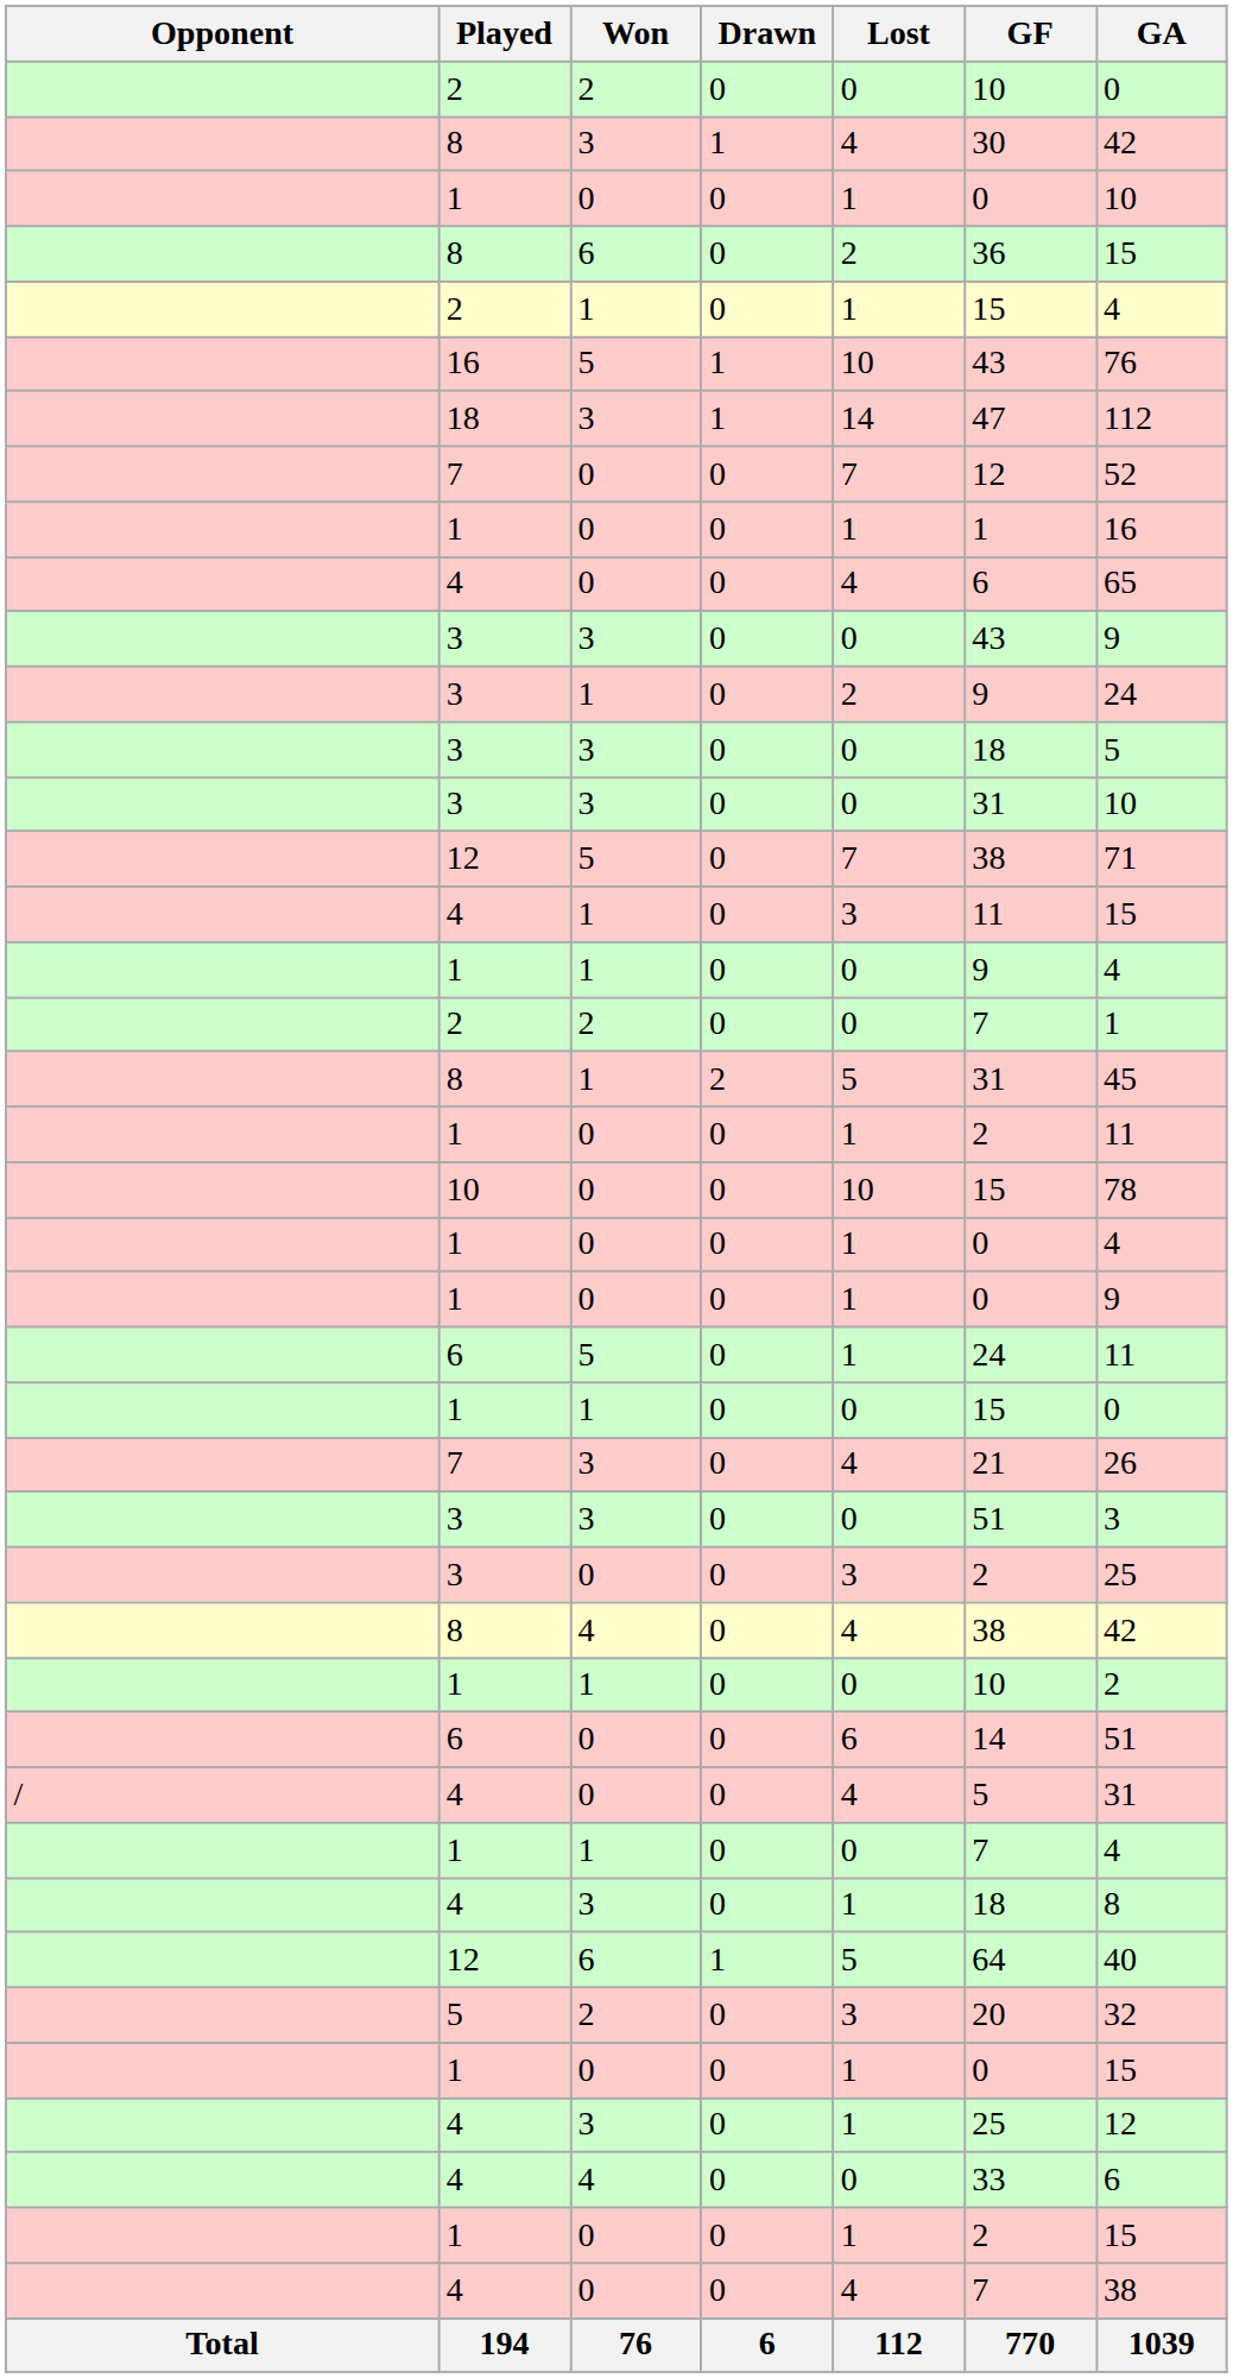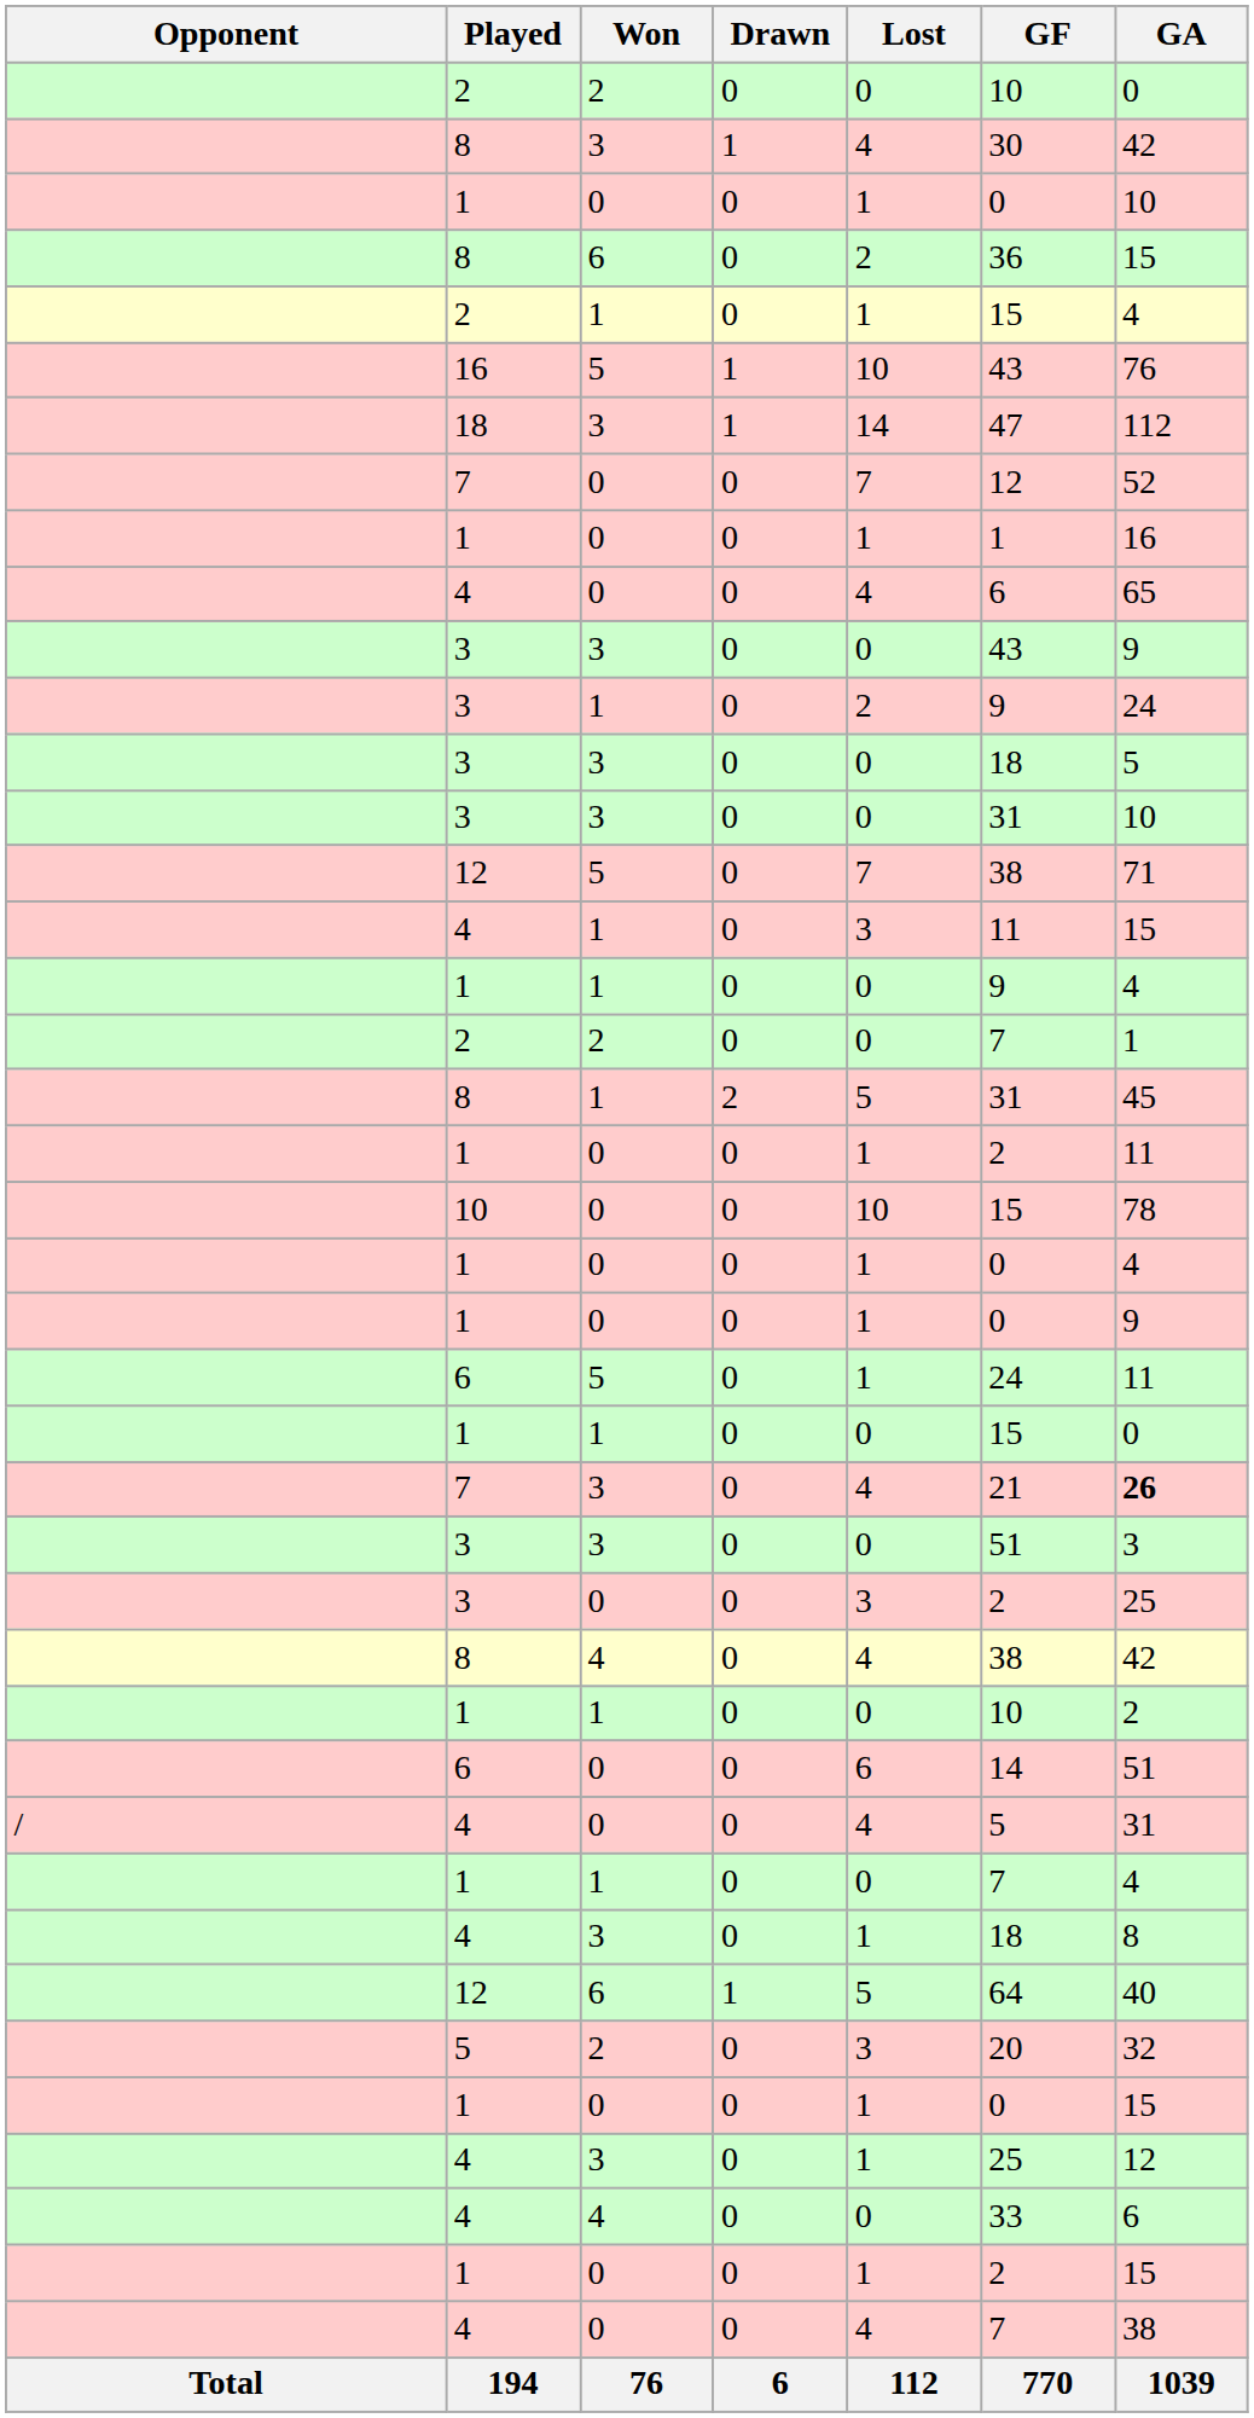 <table class="wikitable sortable" style="font-size:90%">
 <tr>
 <th style="width:180px;">Opponent</th>
 <th style="width:50px;">Played</th>
 <th style="width:50px;">Won</th>
 <th style="width:50px;">Drawn</th>
 <th style="width:50px;">Lost</th>
 <th style="width:50px;">GF</th>
 <th style="width:50px;">GA</th>
 </tr>
 <tr bgcolor=#CCFFCC>
 <td></td>
 <td>2</td>
 <td>2</td>
 <td>0</td>
 <td>0</td>
 <td>10</td>
 <td>0</td>
 </tr>
 <tr bgcolor=#FFCCCC>
 <td></td>
 <td>8</td>
 <td>3</td>
 <td>1</td>
 <td>4</td>
 <td>30</td>
 <td>42</td>
 </tr>
 <tr bgcolor=#FFCCCC>
 <td></td>
 <td>1</td>
 <td>0</td>
 <td>0</td>
 <td>1</td>
 <td>0</td>
 <td>10</td>
 </tr>
 <tr bgcolor=#CCFFCC>
 <td></td>
 <td>8</td>
 <td>6</td>
 <td>0</td>
 <td>2</td>
 <td>36</td>
 <td>15</td>
 </tr>
 <tr bgcolor=#FFFFCC>
 <td></td>
 <td>2</td>
 <td>1</td>
 <td>0</td>
 <td>1</td>
 <td>15</td>
 <td>4</td>
 </tr>
 <tr bgcolor=#FFCCCC>
 <td></td>
 <td>16</td>
 <td>5</td>
 <td>1</td>
 <td>10</td>
 <td>43</td>
 <td>76</td>
 </tr>
 <tr bgcolor=#FFCCCC>
 <td></td>
 <td>18</td>
 <td>3</td>
 <td>1</td>
 <td>14</td>
 <td>47</td>
 <td>112</td>
 </tr>
 <tr bgcolor=#FFCCCC>
 <td></td>
 <td>7</td>
 <td>0</td>
 <td>0</td>
 <td>7</td>
 <td>12</td>
 <td>52</td>
 </tr>
 <tr bgcolor=#FFCCCC>
 <td></td>
 <td>1</td>
 <td>0</td>
 <td>0</td>
 <td>1</td>
 <td>1</td>
 <td>16</td>
 </tr>
 <tr bgcolor=#FFCCCC>
 <td></td>
 <td>4</td>
 <td>0</td>
 <td>0</td>
 <td>4</td>
 <td>6</td>
 <td>65</td>
 </tr>
 <tr bgcolor=#CCFFCC>
 <td></td>
 <td>3</td>
 <td>3</td>
 <td>0</td>
 <td>0</td>
 <td>43</td>
 <td>9</td>
 </tr>
 <tr bgcolor=#FFCCCC>
 <td></td>
 <td>3</td>
 <td>1</td>
 <td>0</td>
 <td>2</td>
 <td>9</td>
 <td>24</td>
 </tr>
 <tr bgcolor=#CCFFCC>
 <td></td>
 <td>3</td>
 <td>3</td>
 <td>0</td>
 <td>0</td>
 <td>18</td>
 <td>5</td>
 </tr>
 <tr bgcolor=#CCFFCC>
 <td></td>
 <td>3</td>
 <td>3</td>
 <td>0</td>
 <td>0</td>
 <td>31</td>
 <td>10</td>
 </tr>
 <tr bgcolor=#FFCCCC>
 <td></td>
 <td>12</td>
 <td>5</td>
 <td>0</td>
 <td>7</td>
 <td>38</td>
 <td>71</td>
 </tr>
 <tr bgcolor=#FFCCCC>
 <td></td>
 <td>4</td>
 <td>1</td>
 <td>0</td>
 <td>3</td>
 <td>11</td>
 <td>15</td>
 </tr>
 <tr bgcolor=#CCFFCC>
 <td></td>
 <td>1</td>
 <td>1</td>
 <td>0</td>
 <td>0</td>
 <td>9</td>
 <td>4</td>
 </tr>
 <tr bgcolor=#CCFFCC>
 <td></td>
 <td>2</td>
 <td>2</td>
 <td>0</td>
 <td>0</td>
 <td>7</td>
 <td>1</td>
 </tr>
 <tr bgcolor=#FFCCCC>
 <td></td>
 <td>8</td>
 <td>1</td>
 <td>2</td>
 <td>5</td>
 <td>31</td>
 <td>45</td>
 </tr>
 <tr bgcolor=#FFCCCC>
 <td></td>
 <td>1</td>
 <td>0</td>
 <td>0</td>
 <td>1</td>
 <td>2</td>
 <td>11</td>
 </tr>
 <tr bgcolor=#FFCCCC>
 <td></td>
 <td>10</td>
 <td>0</td>
 <td>0</td>
 <td>10</td>
 <td>15</td>
 <td>78</td>
 </tr>
 <tr bgcolor=#FFCCCC>
 <td></td>
 <td>1</td>
 <td>0</td>
 <td>0</td>
 <td>1</td>
 <td>0</td>
 <td>4</td>
 </tr>
 <tr bgcolor=#FFCCCC>
 <td></td>
 <td>1</td>
 <td>0</td>
 <td>0</td>
 <td>1</td>
 <td>0</td>
 <td>9</td>
 </tr>
 <tr bgcolor=#CCFFCC>
 <td></td>
 <td>6</td>
 <td>5</td>
 <td>0</td>
 <td>1</td>
 <td>24</td>
 <td>11</td>
 </tr>
 <tr bgcolor=#CCFFCC>
 <td></td>
 <td>1</td>
 <td>1</td>
 <td>0</td>
 <td>0</td>
 <td>15</td>
 <td>0</td>
 </tr>
 <tr bgcolor=#FFCCCC>
 <td></td>
 <td>7</td>
 <td>3</td>
 <td>0</td>
 <td>4</td>
 <td>21</td>
-<td>26</td>
+<td><strong>26</strong></td>
 </tr>
 <tr bgcolor=#CCFFCC>
 <td></td>
 <td>3</td>
 <td>3</td>
 <td>0</td>
 <td>0</td>
 <td>51</td>
 <td>3</td>
 </tr>
 <tr bgcolor=#FFCCCC>
 <td></td>
 <td>3</td>
 <td>0</td>
 <td>0</td>
 <td>3</td>
 <td>2</td>
 <td>25</td>
 </tr>
 <tr bgcolor=#FFFFCC>
 <td></td>
 <td>8</td>
 <td>4</td>
 <td>0</td>
 <td>4</td>
 <td>38</td>
 <td>42</td>
 </tr>
 <tr bgcolor=#CCFFCC>
 <td></td>
 <td>1</td>
 <td>1</td>
 <td>0</td>
 <td>0</td>
 <td>10</td>
 <td>2</td>
 </tr>
 <tr bgcolor=#FFCCCC>
 <td></td>
 <td>6</td>
 <td>0</td>
 <td>0</td>
 <td>6</td>
 <td>14</td>
 <td>51</td>
 </tr>
 <tr bgcolor=#FFCCCC>
 <td>/<br><em></em></td>
 <td>4</td>
 <td>0</td>
 <td>0</td>
 <td>4</td>
 <td>5</td>
 <td>31</td>
 </tr>
 <tr bgcolor=#CCFFCC>
 <td></td>
 <td>1</td>
 <td>1</td>
 <td>0</td>
 <td>0</td>
 <td>7</td>
 <td>4</td>
 </tr>
 <tr bgcolor=#CCFFCC>
 <td></td>
 <td>4</td>
 <td>3</td>
 <td>0</td>
 <td>1</td>
 <td>18</td>
 <td>8</td>
 </tr>
 <tr bgcolor=#CCFFCC>
 <td></td>
 <td>12</td>
 <td>6</td>
 <td>1</td>
 <td>5</td>
 <td>64</td>
 <td>40</td>
 </tr>
 <tr bgcolor=#FFCCCC>
 <td></td>
 <td>5</td>
 <td>2</td>
 <td>0</td>
 <td>3</td>
 <td>20</td>
 <td>32</td>
 </tr>
 <tr bgcolor=#FFCCCC>
 <td></td>
 <td>1</td>
 <td>0</td>
 <td>0</td>
 <td>1</td>
 <td>0</td>
 <td>15</td>
 </tr>
 <tr bgcolor=#CCFFCC>
 <td></td>
 <td>4</td>
 <td>3</td>
 <td>0</td>
 <td>1</td>
 <td>25</td>
 <td>12</td>
 </tr>
 <tr bgcolor=#CCFFCC>
 <td></td>
 <td>4</td>
 <td>4</td>
 <td>0</td>
 <td>0</td>
 <td>33</td>
 <td>6</td>
 </tr>
 <tr bgcolor=#FFCCCC>
 <td></td>
 <td>1</td>
 <td>0</td>
 <td>0</td>
 <td>1</td>
 <td>2</td>
 <td>15</td>
 </tr>
 <tr bgcolor=#FFCCCC>
 <td><em></em></td>
 <td>4</td>
 <td>0</td>
 <td>0</td>
 <td>4</td>
 <td>7</td>
 <td>38</td>
 </tr>
 <tr class="sortbottom">
 <th>Total</th>
 <th>194</th>
 <th>76</th>
 <th>6</th>
 <th>112</th>
 <th>770</th>
 <th>1039</th>
 </tr>
 </table>
